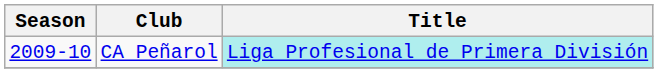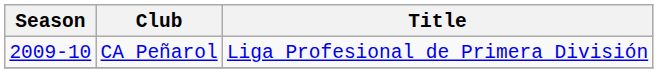 <table class="wikitable">
 <tr>
 <th>Season</th>
 <th>Club</th>
 <th>Title</th>
 </tr>
 <tr>
 <td><a href='#'>2009-10</a></td>
 <td><a href='#'>CA Peñarol</a></td>
-<td style="background: paleturquoise;"><a href='#'>Liga Profesional de Primera División</a></td>
+<td><a href='#'>Liga Profesional de Primera División</a></td>
 </tr>
 <tr>
 </tr>
 </table>
